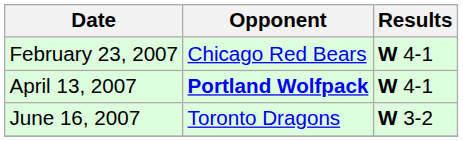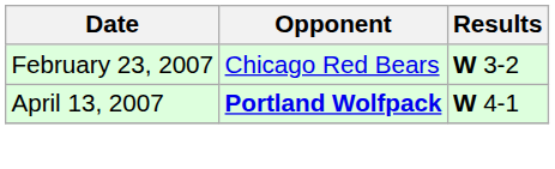 <table class="wikitable">
 <tr>
 <th>Date</th>
 <th>Opponent</th>
 <th>Results</th>
 </tr>
 <tr style="background: #ddffdd;">
 <td>February 23, 2007</td>
 <td><a href='#'>Chicago Red Bears</a></td>
-<td><strong>W</strong> 4-1</td>
+<td><strong>W</strong> 3-2</td>
 </tr>
 <tr style="background: #ddffdd;">
 <td>April 13, 2007</td>
 <td><strong><a href='#'>Portland Wolfpack</a></strong></td>
 <td><strong>W</strong> 4-1</td>
 </tr>
 <tr style="background: #ddffdd;">
-<td>June 16, 2007</td>
-<td><a href='#'>Toronto Dragons</a></td>
-<td><strong>W</strong> 3-2</td>
-</tr>
-<tr style="background: #ddffdd;">
 </tr>
 </table>
